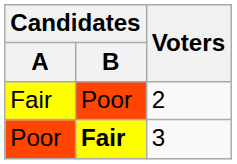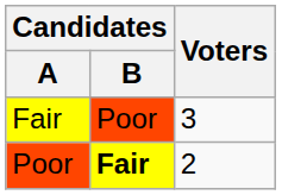 <table class="wikitable">
 <tr>
 <th colspan=2>Candidates</th>
 <th rowspan=2>Voters</th>
 </tr>
 <tr>
 <th>A</th>
 <th>B</th>
 </tr>
 <tr>
 <td bgcolor="yellow">Fair</td>
 <td bgcolor="orangered">Poor</td>
-<td>2</td>
+<td>3</td>
 </tr>
 <tr>
 <td bgcolor="orangered">Poor</td>
 <td bgcolor="yellow"><strong>Fair</strong></td>
-<td>3</td>
+<td>2</td>
 </tr>
 </table>
